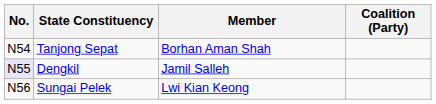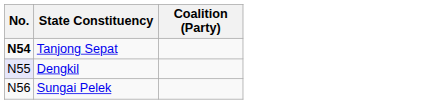 <table class="wikitable">
 <tr>
 <th width="30">No.</th>
 <th width="150">State Constituency</th>
-<th width="230">Member</th>
 <th width="100">Coalition (Party)</th>
 </tr>
 <tr>
-<td>N54</td>
+<td><strong>N54</strong></td>
 <td><a href='#'>Tanjong Sepat</a></td>
-<td><a href='#'>Borhan Aman Shah</a></td>
 <td></td>
 </tr>
 <tr>
 <td style="background: lavender;">N55</td>
 <td><a href='#'>Dengkil</a></td>
-<td><a href='#'>Jamil Salleh</a></td>
 <td></td>
 </tr>
 <tr>
 <td>N56</td>
 <td><a href='#'>Sungai Pelek</a></td>
-<td><a href='#'>Lwi Kian Keong</a></td>
 <td></td>
 </tr>
 </table>
